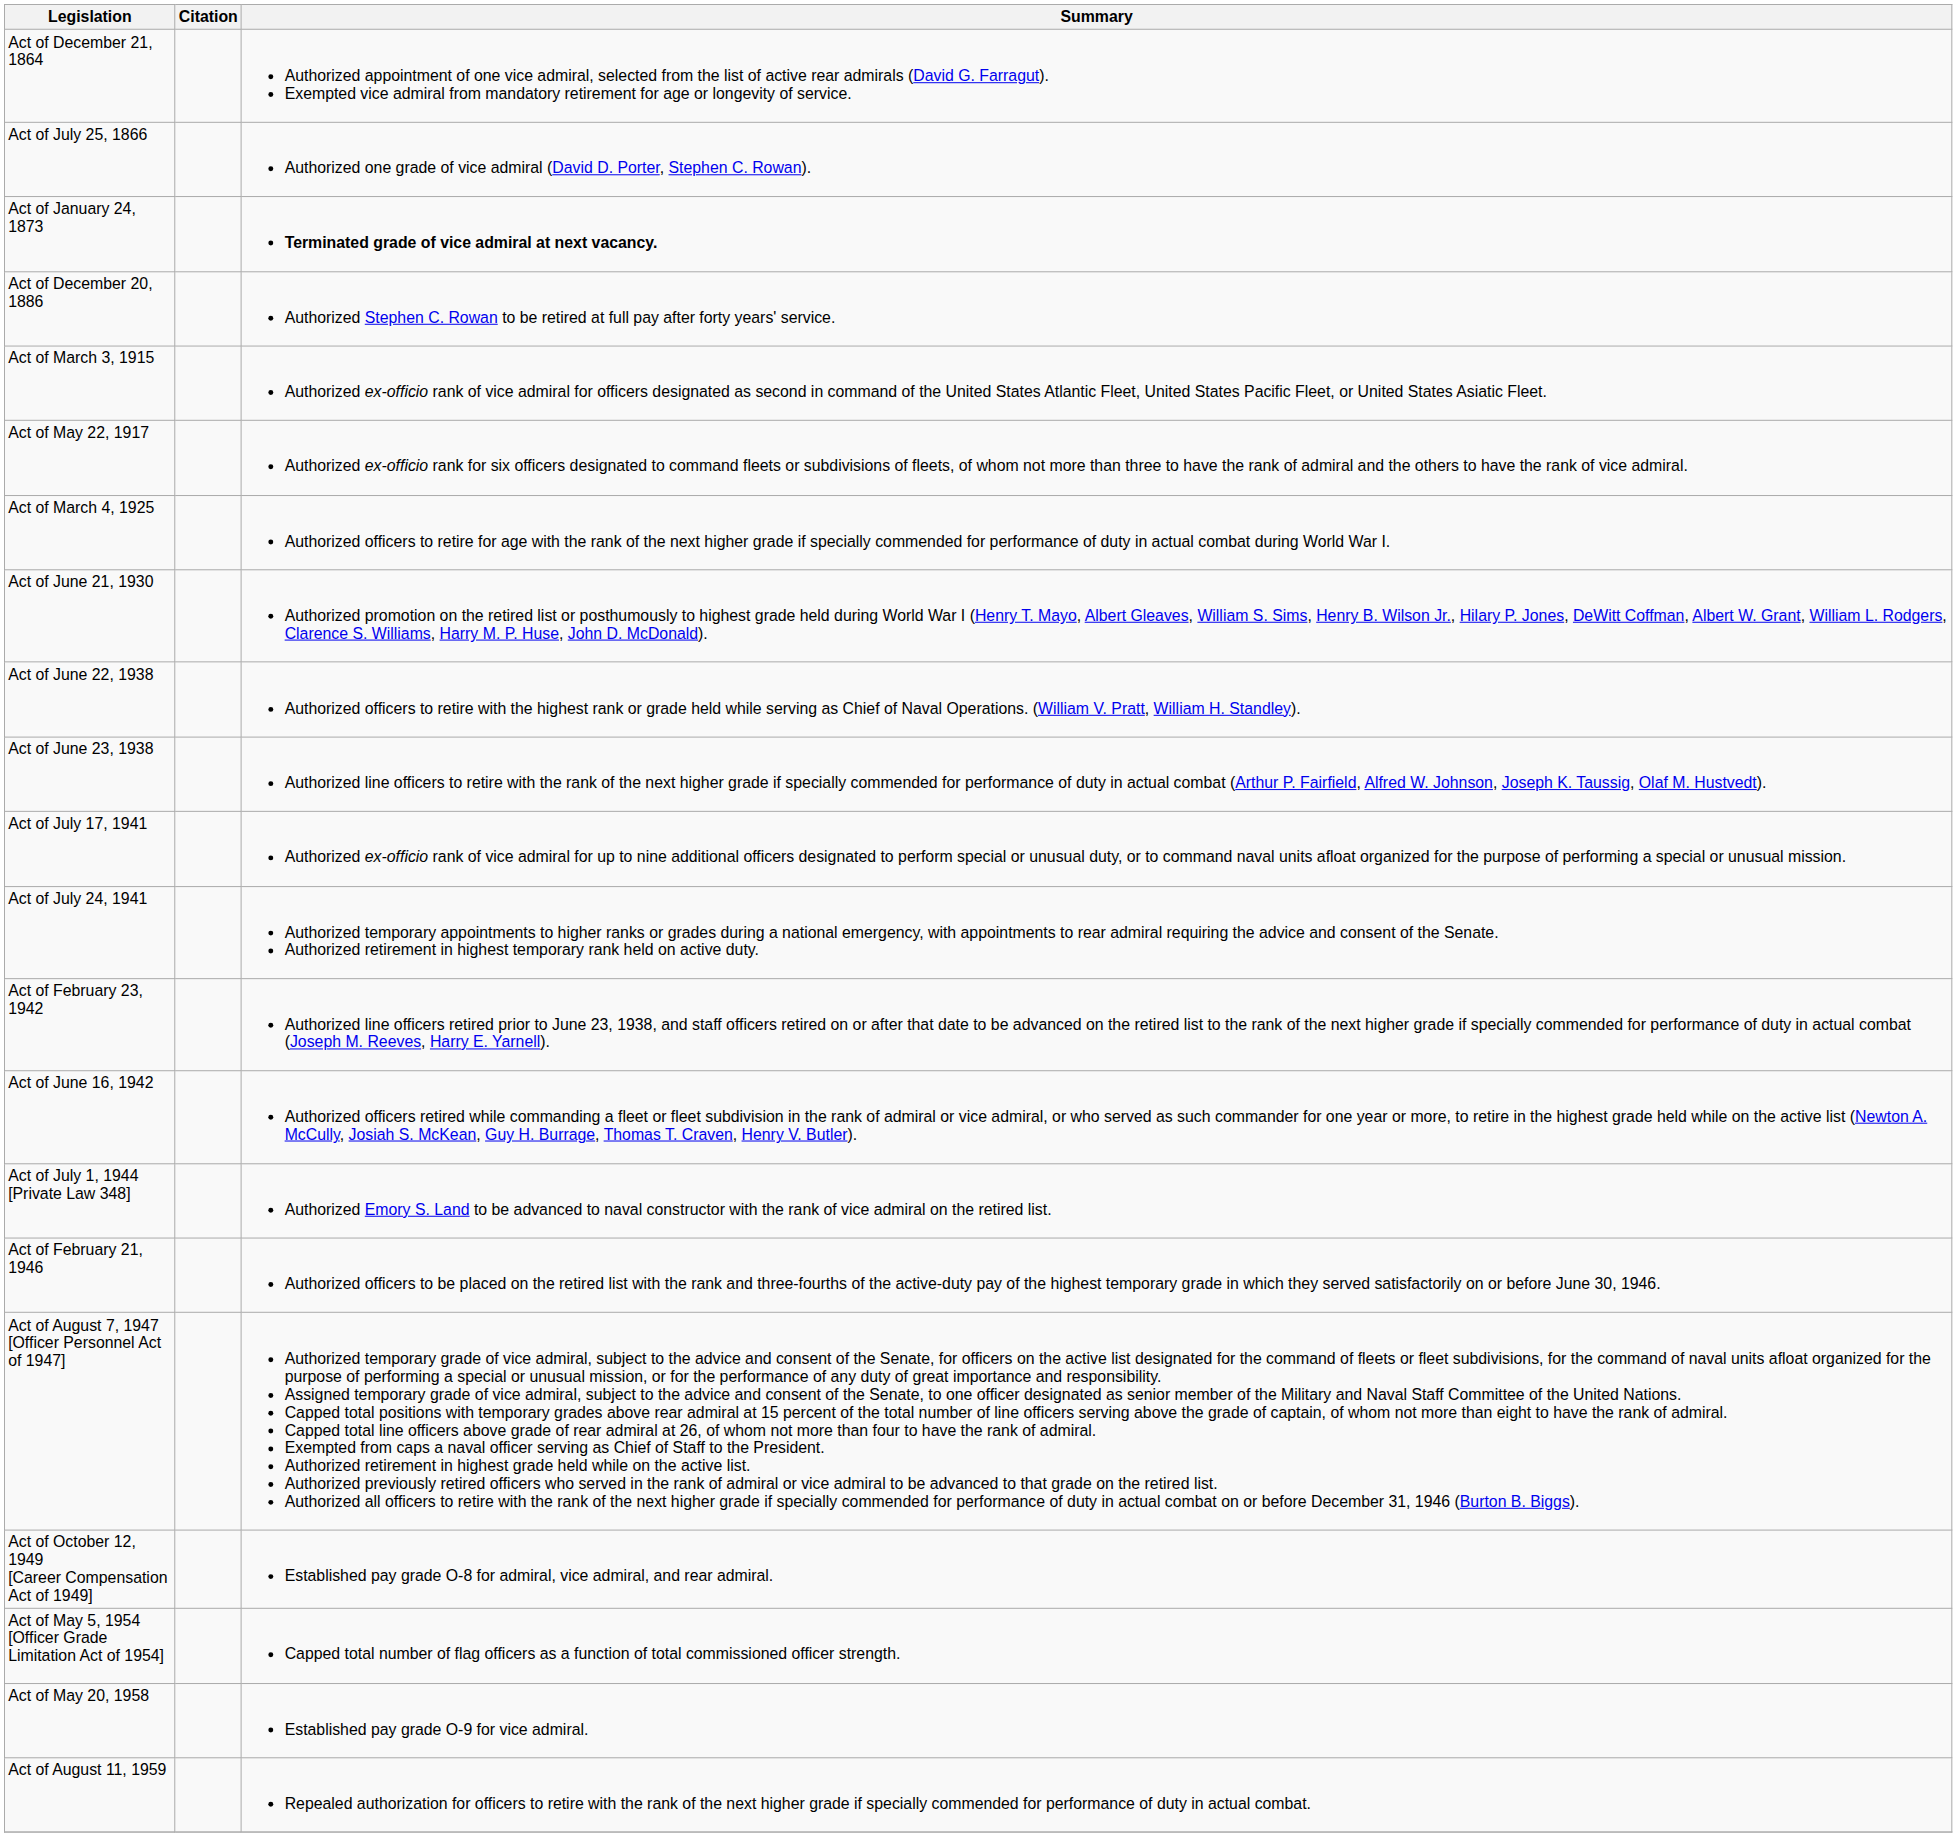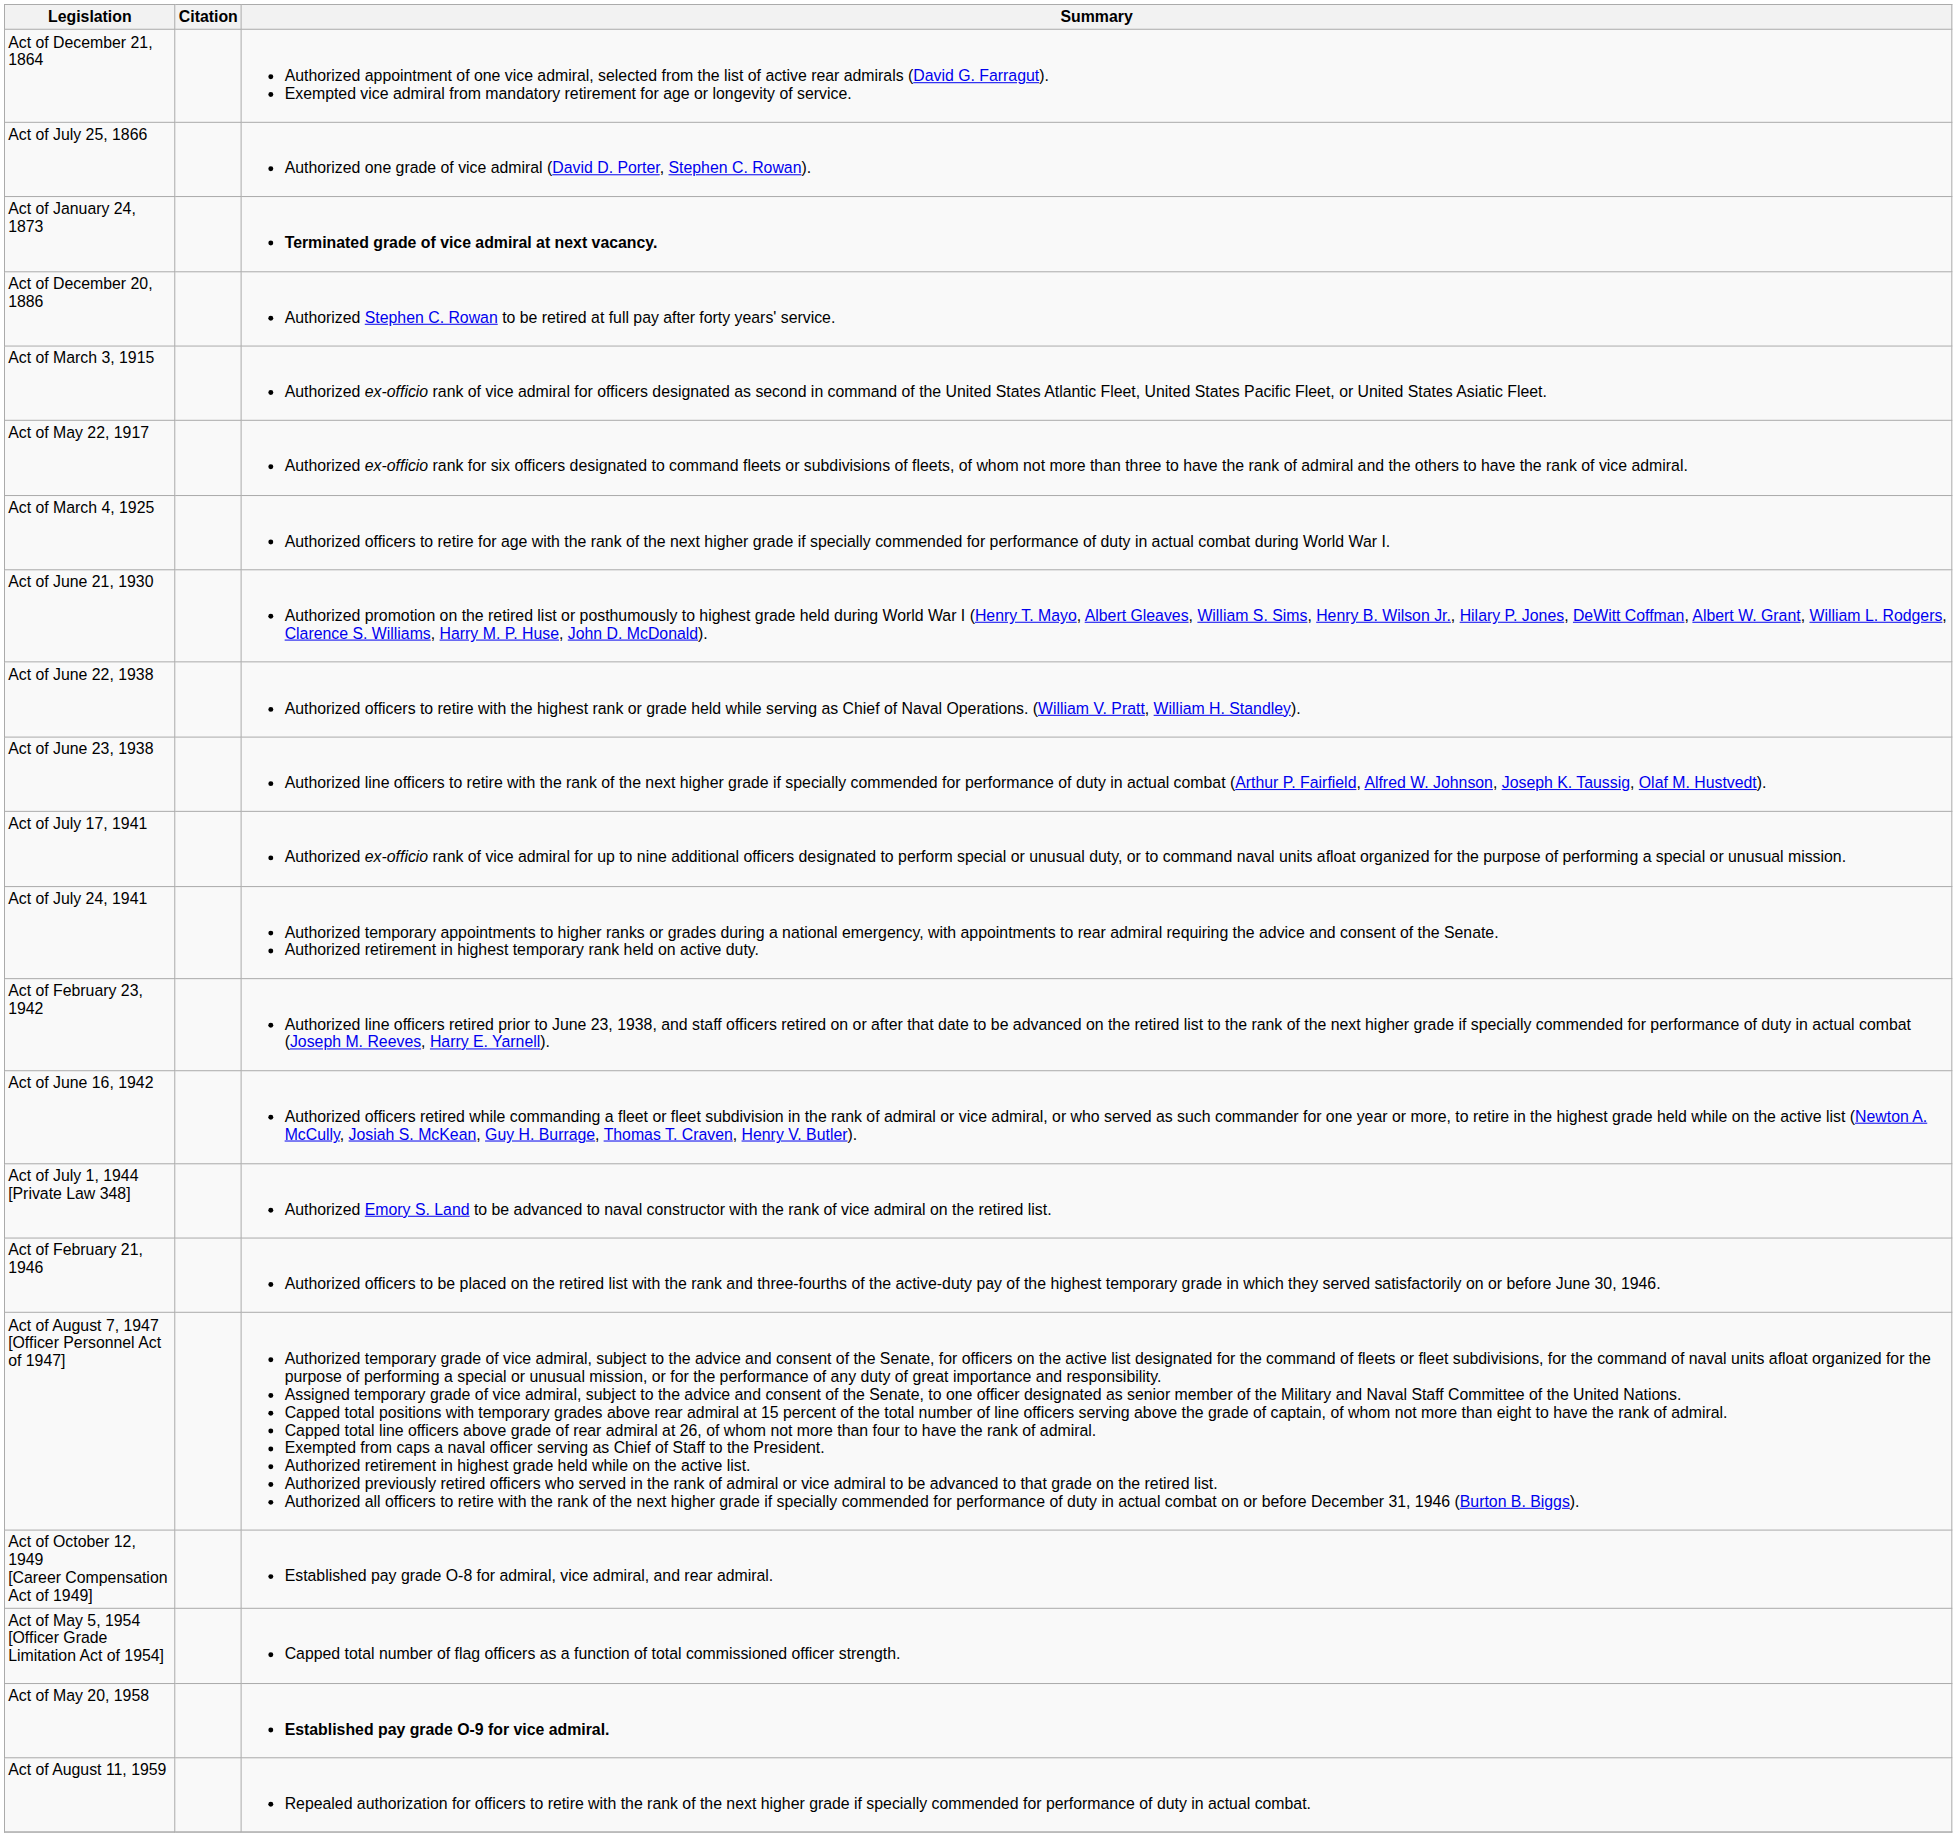 <table class="wikitable">
 <tr>
 <th width = 165>Legislation</th>
 <th>Citation</th>
 <th>Summary</th>
 </tr>
 <tr valign=top>
 <td>Act of December 21, 1864</td>
 <td> </td>
 <td><br><ul><li>Authorized appointment of one vice admiral, selected from the list of active rear admirals (<a href='#'>David G. Farragut</a>).</li><li>Exempted vice admiral from mandatory retirement for age or longevity of service.</li></ul></td>
 </tr>
 <tr valign=top>
 <td>Act of July 25, 1866</td>
 <td> </td>
 <td><br><ul><li>Authorized one grade of vice admiral (<a href='#'>David D. Porter</a>, <a href='#'>Stephen C. Rowan</a>).</li></ul></td>
 </tr>
 <tr valign=top>
 <td>Act of January 24, 1873</td>
 <td> </td>
 <td><strong><br><ul><li>Terminated grade of vice admiral at next vacancy.</li></ul></strong></td>
 </tr>
 <tr valign=top>
 <td>Act of December 20, 1886</td>
 <td> </td>
 <td><br><ul><li>Authorized <a href='#'>Stephen C. Rowan</a> to be retired at full pay after forty years' service.</li></ul></td>
 </tr>
 <tr valign=top>
 <td>Act of March 3, 1915</td>
 <td> </td>
 <td><br><ul><li>Authorized <em>ex-officio</em> rank of vice admiral for officers designated as second in command of the United States Atlantic Fleet, United States Pacific Fleet, or United States Asiatic Fleet.</li></ul></td>
 </tr>
 <tr valign=top>
 <td>Act of May 22, 1917</td>
 <td> </td>
 <td><br><ul><li>Authorized <em>ex-officio</em> rank for six officers designated to command fleets or subdivisions of fleets, of whom not more than three to have the rank of admiral and the others to have the rank of vice admiral.</li></ul></td>
 </tr>
 <tr valign=top>
 <td>Act of March 4, 1925</td>
 <td> </td>
 <td><br><ul><li>Authorized officers to retire for age with the rank of the next higher grade if specially commended for performance of duty in actual combat during World War I.</li></ul></td>
 </tr>
 <tr valign=top>
 <td>Act of June 21, 1930</td>
 <td> </td>
 <td><br><ul><li>Authorized promotion on the retired list or posthumously to highest grade held during World War I (<a href='#'>Henry T. Mayo</a>, <a href='#'>Albert Gleaves</a>, <a href='#'>William S. Sims</a>, <a href='#'>Henry B. Wilson Jr.</a>, <a href='#'>Hilary P. Jones</a>, <a href='#'>DeWitt Coffman</a>, <a href='#'>Albert W. Grant</a>, <a href='#'>William L. Rodgers</a>, <a href='#'>Clarence S. Williams</a>, <a href='#'>Harry M. P. Huse</a>, <a href='#'>John D. McDonald</a>).</li></ul></td>
 </tr>
 <tr valign=top>
 <td>Act of June 22, 1938</td>
 <td> </td>
 <td><br><ul><li>Authorized officers to retire with the highest rank or grade held while serving as Chief of Naval Operations. (<a href='#'>William V. Pratt</a>, <a href='#'>William H. Standley</a>).</li></ul></td>
 </tr>
 <tr valign=top>
 <td>Act of June 23, 1938</td>
 <td> </td>
 <td><br><ul><li>Authorized line officers to retire with the rank of the next higher grade if specially commended for performance of duty in actual combat (<a href='#'>Arthur P. Fairfield</a>, <a href='#'>Alfred W. Johnson</a>, <a href='#'>Joseph K. Taussig</a>, <a href='#'>Olaf M. Hustvedt</a>).</li></ul></td>
 </tr>
 <tr valign=top>
 <td>Act of July 17, 1941</td>
 <td> </td>
 <td><br><ul><li>Authorized <em>ex-officio</em> rank of vice admiral for up to nine additional officers designated to perform special or unusual duty, or to command naval units afloat organized for the purpose of performing a special or unusual mission.</li></ul></td>
 </tr>
 <tr valign=top>
 <td>Act of July 24, 1941</td>
 <td> </td>
 <td><br><ul><li>Authorized temporary appointments to higher ranks or grades during a national emergency, with appointments to rear admiral requiring the advice and consent of the Senate.</li><li>Authorized retirement in highest temporary rank held on active duty.</li></ul></td>
 </tr>
 <tr valign=top>
 <td>Act of February 23, 1942</td>
 <td> </td>
 <td><br><ul><li>Authorized line officers retired prior to June 23, 1938, and staff officers retired on or after that date to be advanced on the retired list to the rank of the next higher grade if specially commended for performance of duty in actual combat (<a href='#'>Joseph M. Reeves</a>, <a href='#'>Harry E. Yarnell</a>).</li></ul></td>
 </tr>
 <tr valign=top>
 <td>Act of June 16, 1942</td>
 <td> </td>
 <td><br><ul><li>Authorized officers retired while commanding a fleet or fleet subdivision in the rank of admiral or vice admiral, or who served as such commander for one year or more, to retire in the highest grade held while on the active list (<a href='#'>Newton A. McCully</a>, <a href='#'>Josiah S. McKean</a>, <a href='#'>Guy H. Burrage</a>, <a href='#'>Thomas T. Craven</a>, <a href='#'>Henry V. Butler</a>).</li></ul></td>
 </tr>
 <tr valign=top>
 <td>Act of July 1, 1944<br>[Private Law 348]</td>
 <td> </td>
 <td><br><ul><li>Authorized <a href='#'>Emory S. Land</a> to be advanced to naval constructor with the rank of vice admiral on the retired list.</li></ul></td>
 </tr>
 <tr valign=top>
 <td>Act of February 21, 1946</td>
 <td> </td>
 <td><br><ul><li>Authorized officers to be placed on the retired list with the rank and three-fourths of the active-duty pay of the highest temporary grade in which they served satisfactorily on or before June 30, 1946.</li></ul></td>
 </tr>
 <tr valign=top>
 <td>Act of August 7, 1947<br>[Officer Personnel Act of 1947]</td>
 <td> </td>
 <td><br><ul><li>Authorized temporary grade of vice admiral, subject to the advice and consent of the Senate, for officers on the active list designated for the command of fleets or fleet subdivisions, for the command of naval units afloat organized for the purpose of performing a special or unusual mission, or for the performance of any duty of great importance and responsibility.</li><li>Assigned temporary grade of vice admiral, subject to the advice and consent of the Senate, to one officer designated as senior member of the Military and Naval Staff Committee of the United Nations.</li><li>Capped total positions with temporary grades above rear admiral at 15 percent of the total number of line officers serving above the grade of captain, of whom not more than eight to have the rank of admiral.</li><li>Capped total line officers above grade of rear admiral at 26, of whom not more than four to have the rank of admiral.</li><li>Exempted from caps a naval officer serving as Chief of Staff to the President.</li><li>Authorized retirement in highest grade held while on the active list.</li><li>Authorized previously retired officers who served in the rank of admiral or vice admiral to be advanced to that grade on the retired list.</li><li>Authorized all officers to retire with the rank of the next higher grade if specially commended for performance of duty in actual combat on or before December 31, 1946 (<a href='#'>Burton B. Biggs</a>).</li></ul></td>
 </tr>
 <tr valign=top>
 <td>Act of October 12, 1949<br>[Career Compensation Act of 1949]</td>
 <td> </td>
 <td><br><ul><li>Established pay grade O-8 for admiral, vice admiral, and rear admiral.</li></ul></td>
 </tr>
 <tr valign=top>
 <td>Act of May 5, 1954<br>[Officer Grade Limitation Act of 1954]</td>
 <td> </td>
 <td><br><ul><li>Capped total number of flag officers as a function of total commissioned officer strength.</li></ul></td>
 </tr>
 <tr valign=top>
 <td>Act of May 20, 1958</td>
 <td> </td>
-<td><br><ul><li>Established pay grade O-9 for vice admiral.</li></ul></td>
+<td><strong><br><ul><li>Established pay grade O-9 for vice admiral.</li></ul></strong></td>
 </tr>
 <tr valign=top>
 <td>Act of August 11, 1959</td>
 <td> </td>
 <td><br><ul><li>Repealed authorization for officers to retire with the rank of the next higher grade if specially commended for performance of duty in actual combat.</li></ul></td>
 </tr>
 <tr>
 </tr>
 </table>
